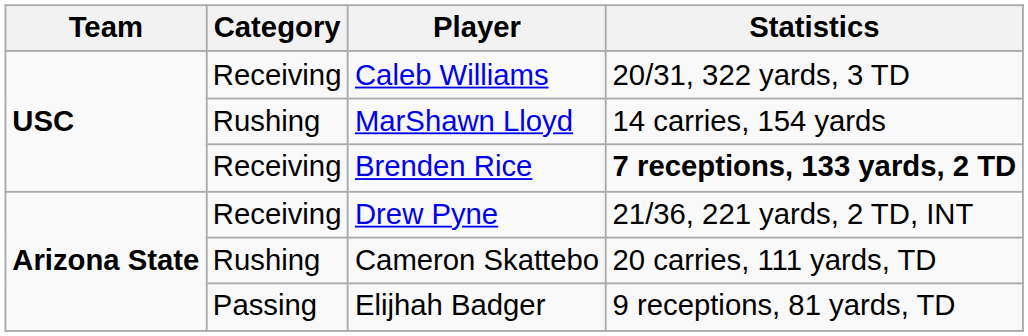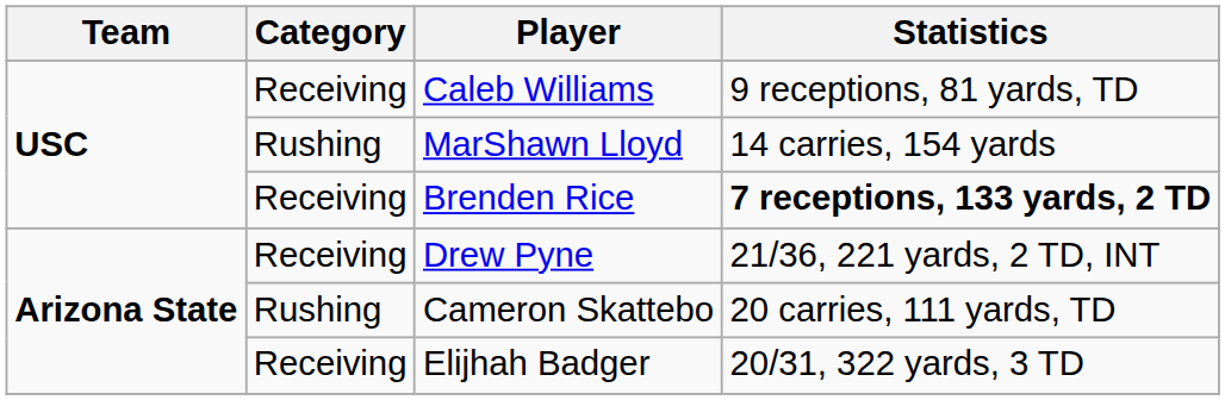 <table class="wikitable" style="float: right;">
 <tr>
 <th>Team</th>
 <th>Category</th>
 <th>Player</th>
 <th>Statistics</th>
 </tr>
 <tr>
 <td rowspan=3><strong>USC</strong></td>
 <td>Receiving</td>
 <td><a href='#'>Caleb Williams</a></td>
-<td>20/31, 322 yards, 3 TD</td>
+<td>9 receptions, 81 yards, TD</td>
 </tr>
 <tr>
 <td>Rushing</td>
 <td><a href='#'>MarShawn Lloyd</a></td>
 <td>14 carries, 154 yards</td>
 </tr>
 <tr>
 <td>Receiving</td>
 <td><a href='#'>Brenden Rice</a></td>
 <td><strong>7 receptions, 133 yards, 2 TD</strong></td>
 </tr>
 <tr>
 <td rowspan=3><strong>Arizona State</strong></td>
 <td>Receiving</td>
 <td><a href='#'>Drew Pyne</a></td>
 <td>21/36, 221 yards, 2 TD, INT</td>
 </tr>
 <tr>
 <td>Rushing</td>
 <td>Cameron Skattebo</td>
 <td>20 carries, 111 yards, TD</td>
 </tr>
 <tr>
-<td>Passing</td>
+<td>Receiving</td>
 <td>Elijhah Badger</td>
-<td>9 receptions, 81 yards, TD</td>
+<td>20/31, 322 yards, 3 TD</td>
 </tr>
 </table>
